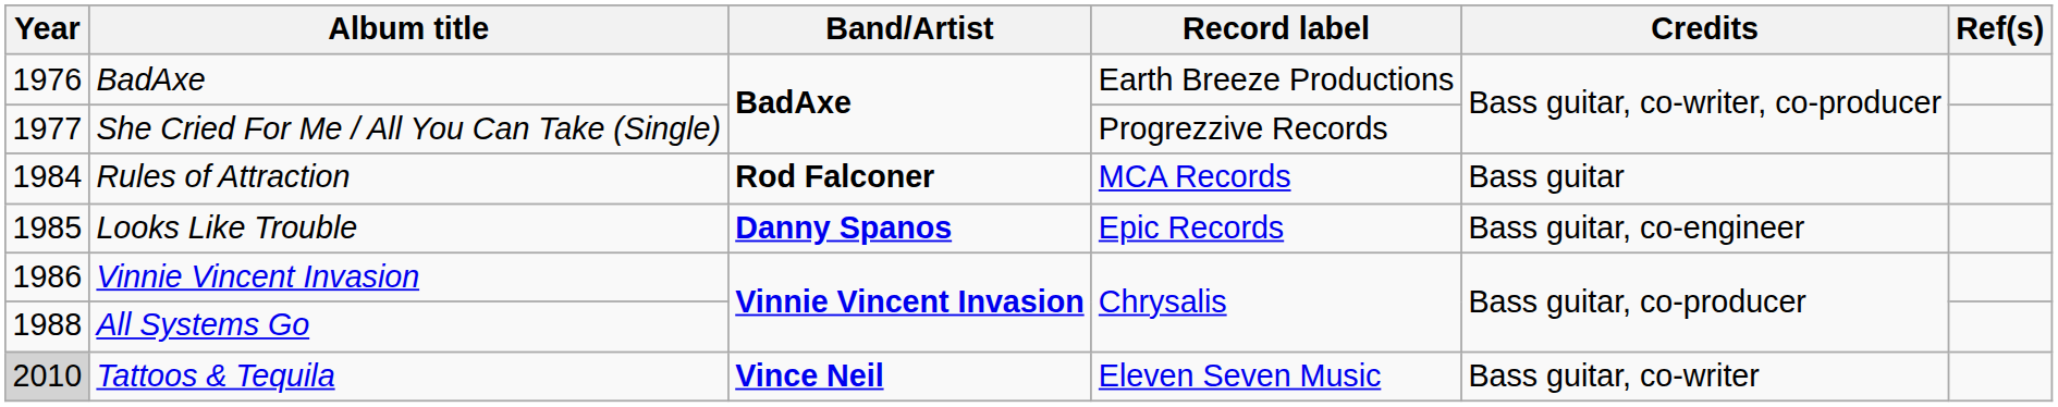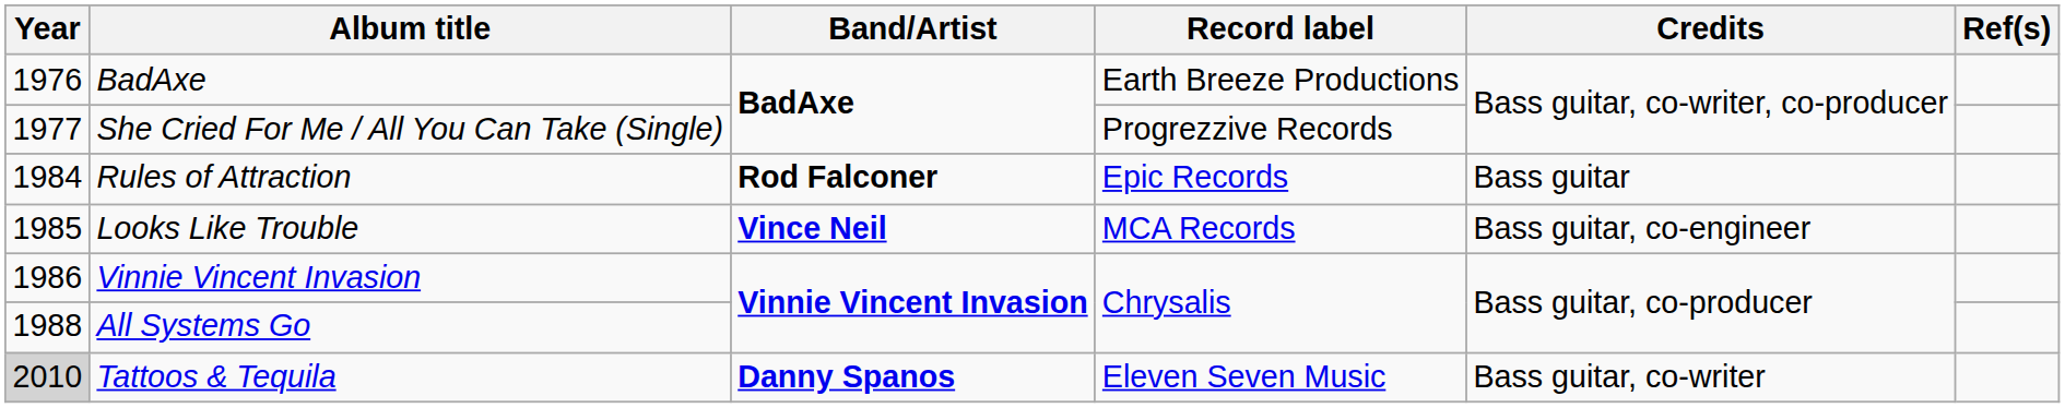 <table class="wikitable sortable">
 <tr>
 <th>Year</th>
 <th>Album title</th>
 <th>Band/Artist</th>
 <th>Record label</th>
 <th>Credits</th>
 <th>Ref(s)</th>
 </tr>
 <tr>
 <td>1976</td>
 <td><em>BadAxe</em></td>
 <td rowspan="2"><strong>BadAxe</strong></td>
 <td>Earth Breeze Productions</td>
 <td rowspan="2">Bass guitar, co-writer, co-producer</td>
 <td></td>
 </tr>
 <tr>
 <td>1977</td>
 <td><em>She Cried For Me / All You Can Take (Single)</em></td>
 <td>Progrezzive Records</td>
 <td></td>
 </tr>
 <tr>
 <td>1984</td>
 <td><em>Rules of Attraction</em></td>
 <td><strong>Rod Falconer</strong></td>
-<td><a href='#'>MCA Records</a></td>
+<td><a href='#'>Epic Records</a></td>
 <td>Bass guitar</td>
 <td></td>
 </tr>
 <tr>
 <td>1985</td>
 <td><em>Looks Like Trouble</em></td>
-<td><strong><a href='#'>Danny Spanos</a></strong></td>
-<td><a href='#'>Epic Records</a></td>
+<td><strong><a href='#'>Vince Neil</a></strong></td>
+<td><a href='#'>MCA Records</a></td>
 <td>Bass guitar, co-engineer</td>
 <td></td>
 </tr>
 <tr>
 <td>1986</td>
 <td><a href='#'><em>Vinnie Vincent Invasion</em></a></td>
 <td rowspan="2"><strong><a href='#'>Vinnie Vincent Invasion</a></strong></td>
 <td rowspan="2"><a href='#'>Chrysalis</a></td>
 <td rowspan="2">Bass guitar, co-producer</td>
 <td></td>
 </tr>
 <tr>
 <td>1988</td>
 <td><em><a href='#'>All Systems Go</a></em></td>
 <td></td>
 </tr>
 <tr>
 <td style="background: lightgrey;">2010</td>
 <td><em><a href='#'>Tattoos & Tequila</a></em></td>
-<td><strong><a href='#'>Vince Neil</a></strong></td>
+<td><strong><a href='#'>Danny Spanos</a></strong></td>
 <td><a href='#'>Eleven Seven Music</a></td>
 <td>Bass guitar, co-writer</td>
 <td></td>
 </tr>
 </table>
